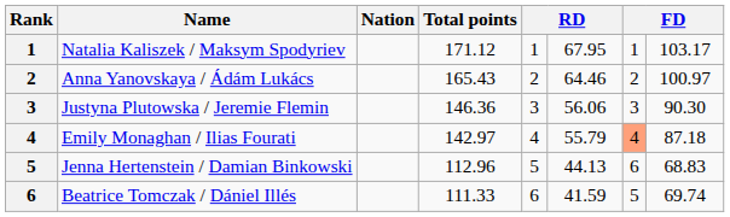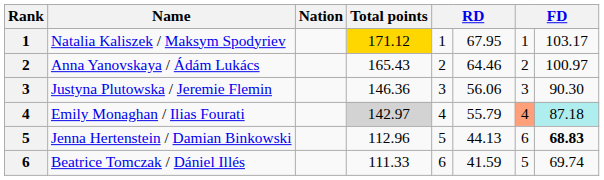 <table class="wikitable sortable">
 <tr>
 <th>Rank</th>
 <th>Name</th>
 <th>Nation</th>
 <th>Total points</th>
 <th colspan=2 width=80px align=center><a href='#'>RD</a></th>
 <th colspan=2 width=80px align=center><a href='#'>FD</a></th>
 </tr>
 <tr>
 <th>1</th>
 <td><a href='#'>Natalia Kaliszek</a> / <a href='#'>Maksym Spodyriev</a></td>
 <td></td>
-<td align=center>171.12</td>
+<td align=center style="background: gold;">171.12</td>
 <td align=center>1</td>
 <td align=center>67.95</td>
 <td align=center>1</td>
 <td align=center>103.17</td>
 </tr>
 <tr>
 <th>2</th>
 <td><a href='#'>Anna Yanovskaya</a> / <a href='#'>Ádám Lukács</a></td>
 <td></td>
 <td align=center>165.43</td>
 <td align=center>2</td>
 <td align=center>64.46</td>
 <td align=center>2</td>
 <td align=center>100.97</td>
 </tr>
 <tr>
 <th>3</th>
 <td><a href='#'>Justyna Plutowska</a> / <a href='#'>Jeremie Flemin</a></td>
 <td></td>
 <td align=center>146.36</td>
 <td align=center>3</td>
 <td align=center>56.06</td>
 <td align=center>3</td>
 <td align=center>90.30</td>
 </tr>
 <tr>
 <th>4</th>
 <td><a href='#'>Emily Monaghan</a> / <a href='#'>Ilias Fourati</a></td>
 <td></td>
-<td align=center>142.97</td>
+<td align=center style="background: lightgrey;">142.97</td>
 <td align=center>4</td>
 <td align=center>55.79</td>
 <td align=center style="background: lightsalmon;">4</td>
-<td align=center>87.18</td>
+<td align=center style="background: paleturquoise;">87.18</td>
 </tr>
 <tr>
 <th>5</th>
 <td><a href='#'>Jenna Hertenstein</a> / <a href='#'>Damian Binkowski</a></td>
 <td></td>
 <td align=center>112.96</td>
 <td align=center>5</td>
 <td align=center>44.13</td>
 <td align=center>6</td>
-<td align=center>68.83</td>
+<td align=center><strong>68.83</strong></td>
 </tr>
 <tr>
 <th>6</th>
 <td><a href='#'>Beatrice Tomczak</a> / <a href='#'>Dániel Illés</a></td>
 <td></td>
 <td align=center>111.33</td>
 <td align=center>6</td>
 <td align=center>41.59</td>
 <td align=center>5</td>
 <td align=center>69.74</td>
 </tr>
 </table>
